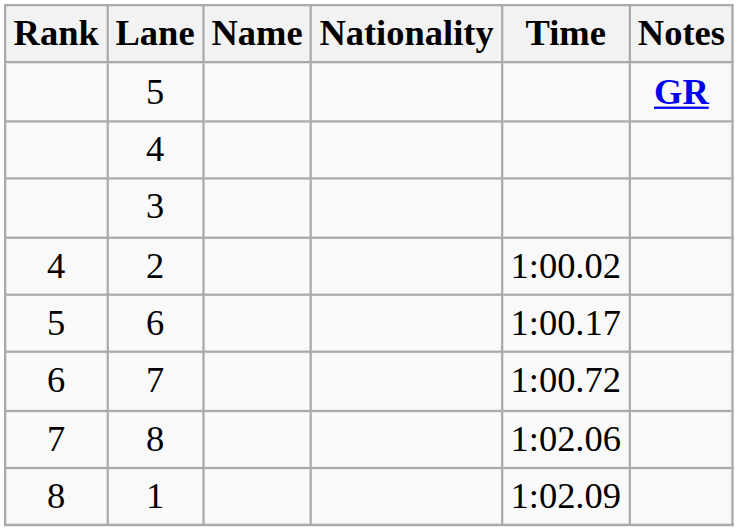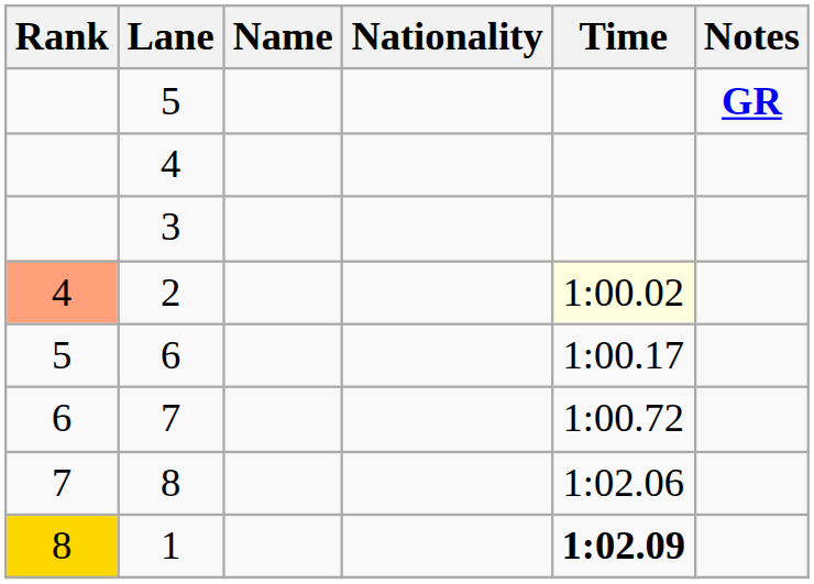 <table class="wikitable sortable" style="text-align:center">
 <tr>
 <th>Rank</th>
 <th>Lane</th>
 <th>Name</th>
 <th>Nationality</th>
 <th>Time</th>
 <th>Notes</th>
 </tr>
 <tr>
 <td></td>
 <td>5</td>
 <td align=left></td>
 <td align=left></td>
 <td></td>
 <td><strong><a href='#'>GR</a></strong></td>
 </tr>
 <tr>
 <td></td>
 <td>4</td>
 <td align=left></td>
 <td align=left></td>
 <td></td>
 <td></td>
 </tr>
 <tr>
 <td></td>
 <td>3</td>
 <td align=left></td>
 <td align=left></td>
 <td></td>
 <td></td>
 </tr>
 <tr>
-<td>4</td>
+<td style="background: lightsalmon;">4</td>
 <td>2</td>
 <td align=left></td>
 <td align=left></td>
-<td>1:00.02</td>
+<td style="background: lightyellow;">1:00.02</td>
 <td></td>
 </tr>
 <tr>
 <td>5</td>
 <td>6</td>
 <td align=left></td>
 <td align=left></td>
 <td>1:00.17</td>
 <td></td>
 </tr>
 <tr>
 <td>6</td>
 <td>7</td>
 <td align=left></td>
 <td align=left></td>
 <td>1:00.72</td>
 <td></td>
 </tr>
 <tr>
 <td>7</td>
 <td>8</td>
 <td align=left></td>
 <td align=left></td>
 <td>1:02.06</td>
 <td></td>
 </tr>
 <tr>
-<td>8</td>
+<td style="background: gold;">8</td>
 <td>1</td>
 <td align=left></td>
 <td align=left></td>
-<td>1:02.09</td>
+<td><strong>1:02.09</strong></td>
 <td></td>
 </tr>
 <tr>
 </tr>
 </table>
